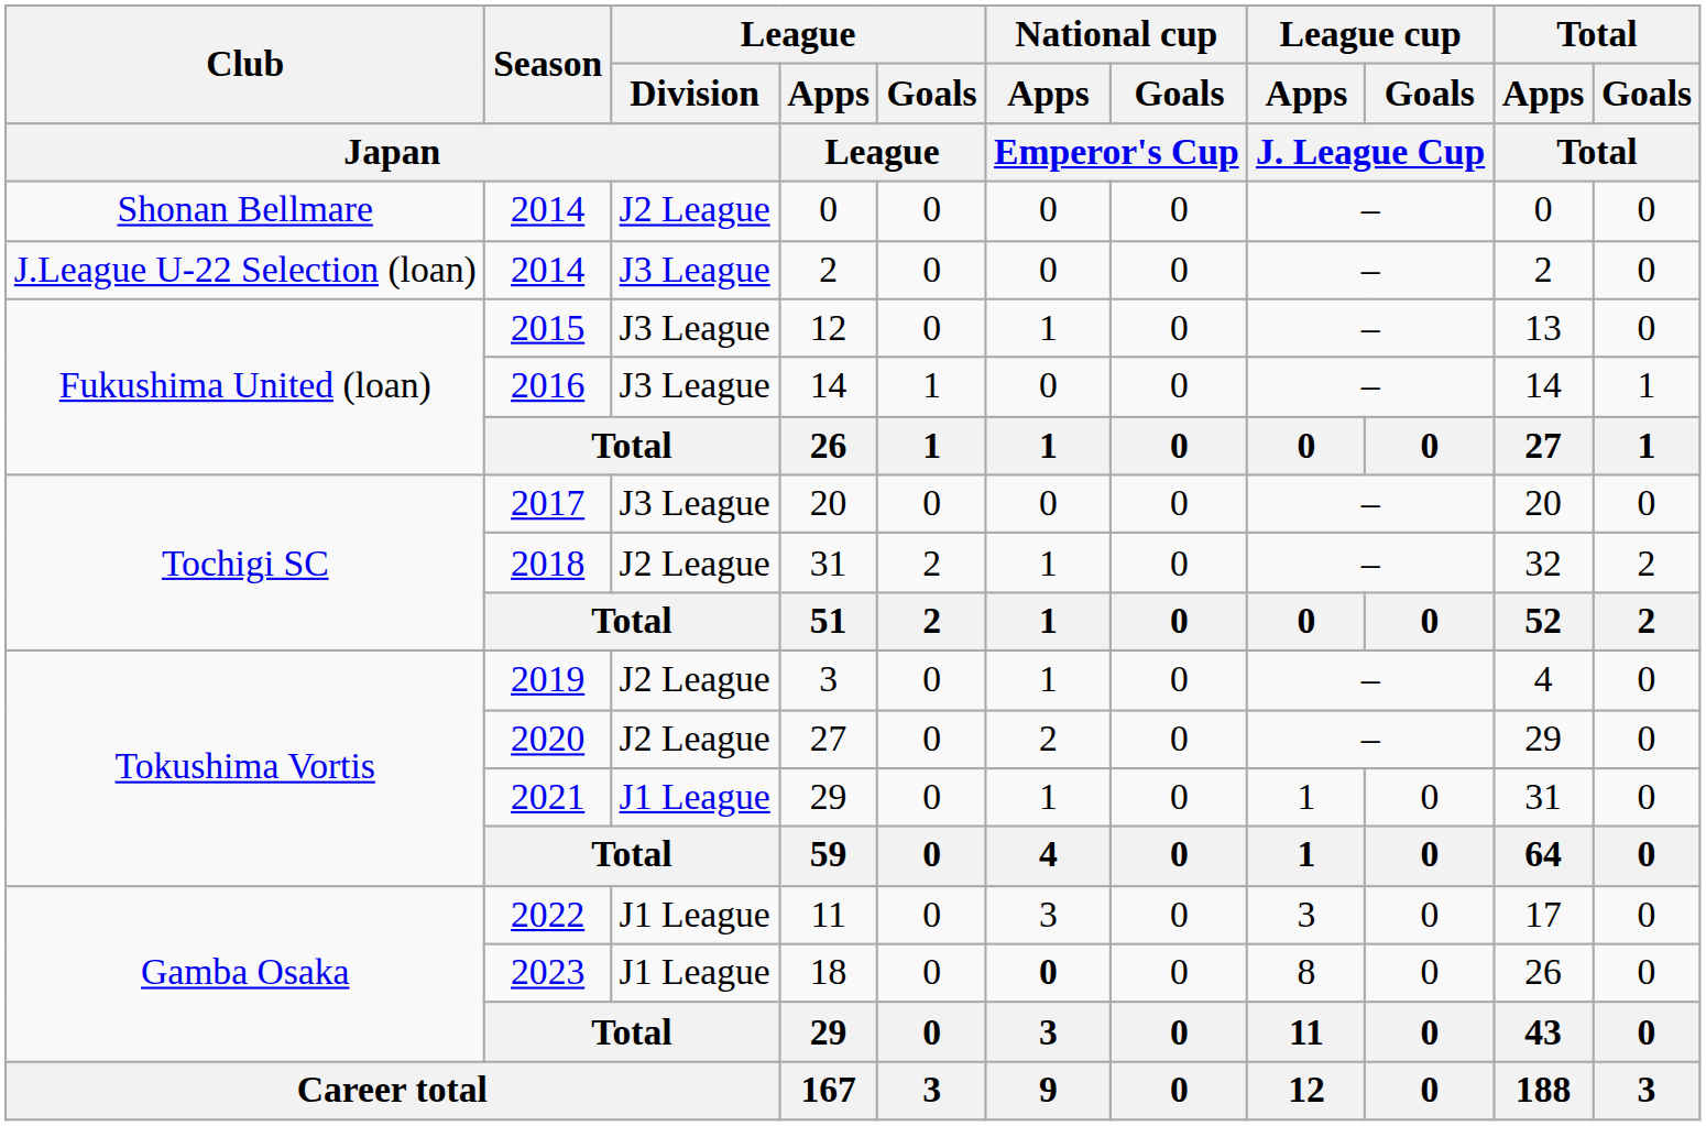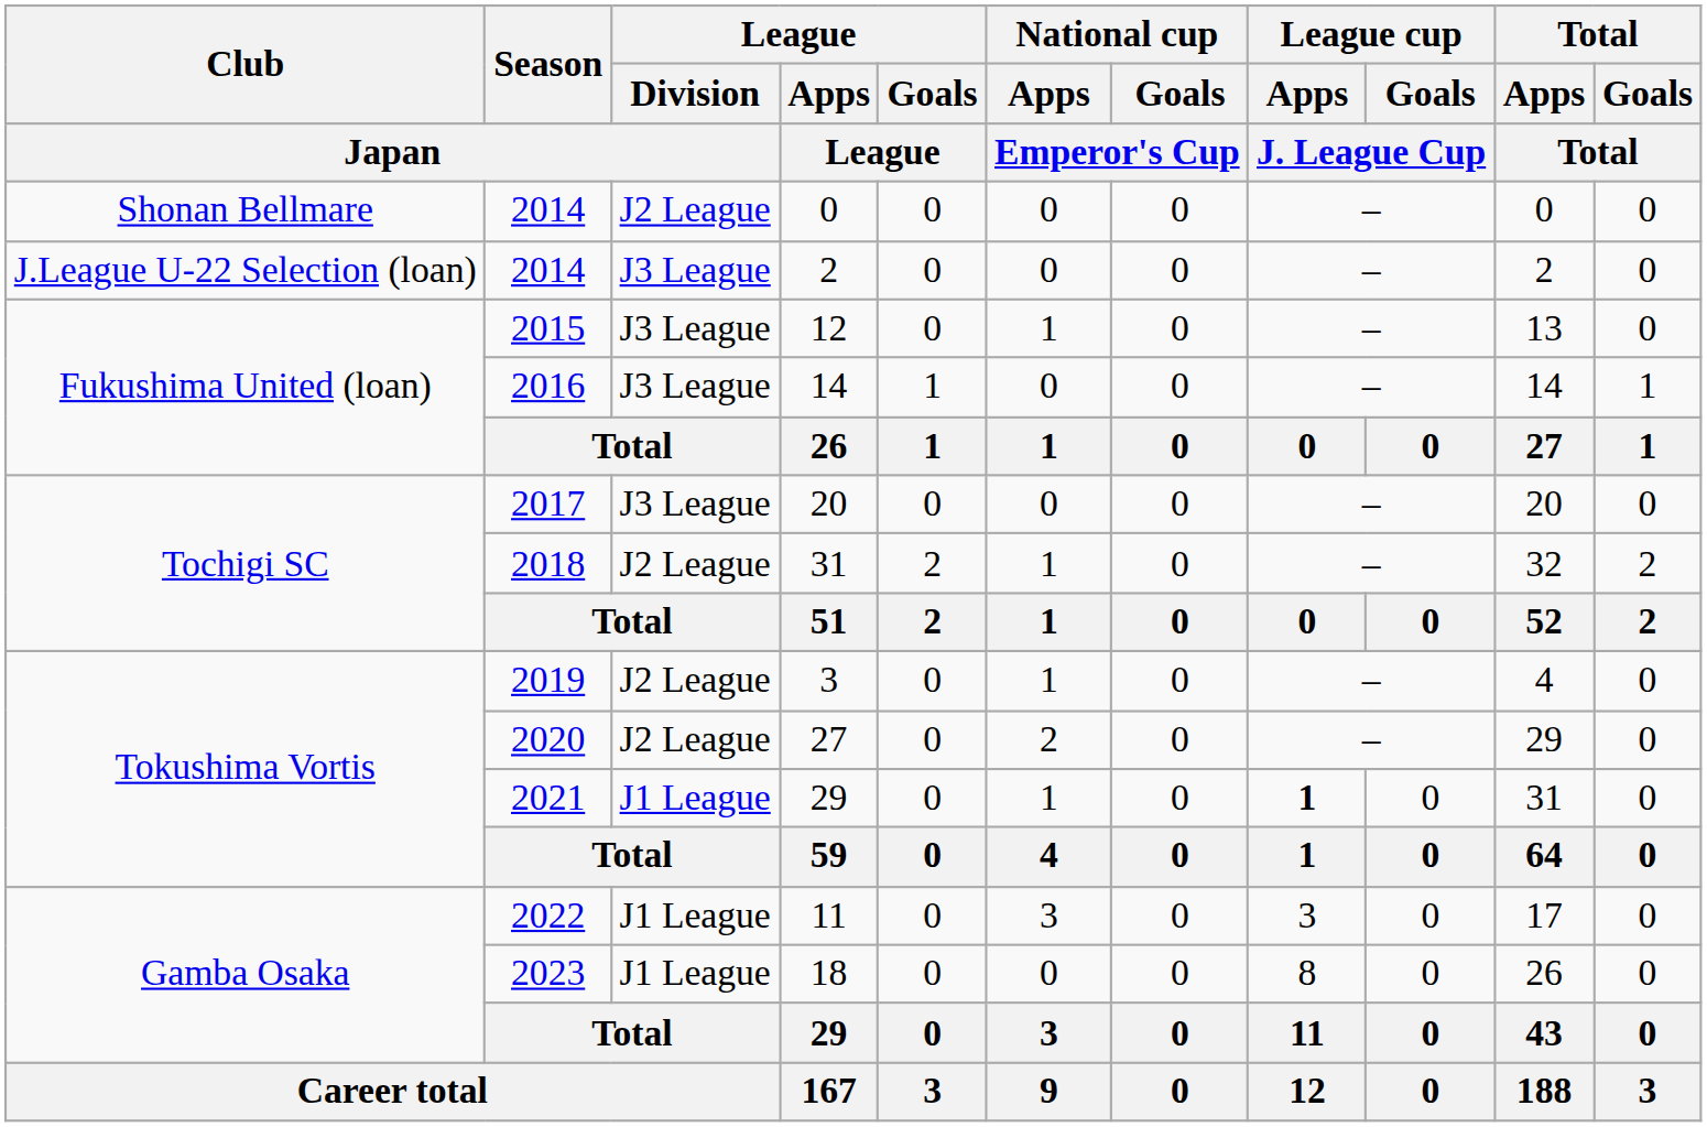 <table class="wikitable" style="text-align:center">
 <tr>
 <th rowspan=2>Club</th>
 <th rowspan=2>Season</th>
 <th colspan=3>League</th>
 <th colspan=2>National cup</th>
 <th colspan=2>League cup</th>
 <th colspan=2>Total</th>
 </tr>
 <tr>
 <th>Division</th>
 <th>Apps</th>
 <th>Goals</th>
 <th>Apps</th>
 <th>Goals</th>
 <th>Apps</th>
 <th>Goals</th>
 <th>Apps</th>
 <th>Goals</th>
 </tr>
 <tr>
 <th colspan=3>Japan</th>
 <th colspan=2>League</th>
 <th colspan=2><a href='#'>Emperor's Cup</a></th>
 <th colspan=2><a href='#'>J. League Cup</a></th>
 <th colspan=2>Total</th>
 </tr>
 <tr>
 <td><a href='#'>Shonan Bellmare</a></td>
 <td><a href='#'>2014</a></td>
 <td><a href='#'>J2 League</a></td>
 <td>0</td>
 <td>0</td>
 <td>0</td>
 <td>0</td>
 <td colspan="2">–</td>
 <td>0</td>
 <td>0</td>
 </tr>
 <tr>
 <td><a href='#'>J.League U-22 Selection</a> (loan)</td>
 <td><a href='#'>2014</a></td>
 <td><a href='#'>J3 League</a></td>
 <td>2</td>
 <td>0</td>
 <td>0</td>
 <td>0</td>
 <td colspan="2">–</td>
 <td>2</td>
 <td>0</td>
 </tr>
 <tr>
 <td rowspan="3"><a href='#'>Fukushima United</a> (loan)</td>
 <td><a href='#'>2015</a></td>
 <td>J3 League</td>
 <td>12</td>
 <td>0</td>
 <td>1</td>
 <td>0</td>
 <td colspan="2">–</td>
 <td>13</td>
 <td>0</td>
 </tr>
 <tr>
 <td><a href='#'>2016</a></td>
 <td>J3 League</td>
 <td>14</td>
 <td>1</td>
 <td>0</td>
 <td>0</td>
 <td colspan="2">–</td>
 <td>14</td>
 <td>1</td>
 </tr>
 <tr>
 <th colspan="2">Total</th>
 <th>26</th>
 <th>1</th>
 <th>1</th>
 <th>0</th>
 <th>0</th>
 <th>0</th>
 <th>27</th>
 <th>1</th>
 </tr>
 <tr>
 <td rowspan="3"><a href='#'>Tochigi SC</a></td>
 <td><a href='#'>2017</a></td>
 <td>J3 League</td>
 <td>20</td>
 <td>0</td>
 <td>0</td>
 <td>0</td>
 <td colspan="2">–</td>
 <td>20</td>
 <td>0</td>
 </tr>
 <tr>
 <td><a href='#'>2018</a></td>
 <td>J2 League</td>
 <td>31</td>
 <td>2</td>
 <td>1</td>
 <td>0</td>
 <td colspan="2">–</td>
 <td>32</td>
 <td>2</td>
 </tr>
 <tr>
 <th colspan="2">Total</th>
 <th>51</th>
 <th>2</th>
 <th>1</th>
 <th>0</th>
 <th>0</th>
 <th>0</th>
 <th>52</th>
 <th>2</th>
 </tr>
 <tr>
 <td rowspan="4"><a href='#'>Tokushima Vortis</a></td>
 <td><a href='#'>2019</a></td>
 <td>J2 League</td>
 <td>3</td>
 <td>0</td>
 <td>1</td>
 <td>0</td>
 <td colspan="2">–</td>
 <td>4</td>
 <td>0</td>
 </tr>
 <tr>
 <td><a href='#'>2020</a></td>
 <td>J2 League</td>
 <td>27</td>
 <td>0</td>
 <td>2</td>
 <td>0</td>
 <td colspan="2">–</td>
 <td>29</td>
 <td>0</td>
 </tr>
 <tr>
 <td><a href='#'>2021</a></td>
 <td><a href='#'>J1 League</a></td>
 <td>29</td>
 <td>0</td>
 <td>1</td>
 <td>0</td>
-<td>1</td>
+<td><strong>1</strong></td>
 <td>0</td>
 <td>31</td>
 <td>0</td>
 </tr>
 <tr>
 <th colspan="2">Total</th>
 <th>59</th>
 <th>0</th>
 <th>4</th>
 <th>0</th>
 <th>1</th>
 <th>0</th>
 <th>64</th>
 <th>0</th>
 </tr>
 <tr>
 <td rowspan="3"><a href='#'>Gamba Osaka</a></td>
 <td><a href='#'>2022</a></td>
 <td>J1 League</td>
 <td>11</td>
 <td>0</td>
 <td>3</td>
 <td>0</td>
 <td>3</td>
 <td>0</td>
 <td>17</td>
 <td>0</td>
 </tr>
 <tr>
 <td><a href='#'>2023</a></td>
 <td>J1 League</td>
 <td>18</td>
 <td>0</td>
-<td><strong>0</strong></td>
+<td>0</td>
 <td>0</td>
 <td>8</td>
 <td>0</td>
 <td>26</td>
 <td>0</td>
 </tr>
 <tr>
 <th colspan="2">Total</th>
 <th>29</th>
 <th>0</th>
 <th>3</th>
 <th>0</th>
 <th>11</th>
 <th>0</th>
 <th>43</th>
 <th>0</th>
 </tr>
 <tr>
 <th colspan=3>Career total</th>
 <th>167</th>
 <th>3</th>
 <th>9</th>
 <th>0</th>
 <th>12</th>
 <th>0</th>
 <th>188</th>
 <th>3</th>
 </tr>
 </table>
